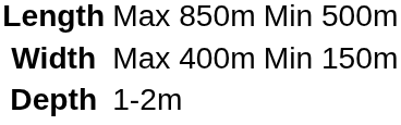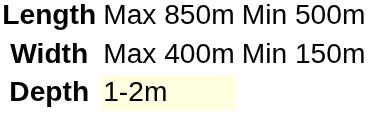 <table class="toccolours">
 <tr>
 <th>Length</th>
 <td>Max 850m</td>
 <td>Min 500m</td>
 </tr>
 <tr>
 <th>Width</th>
 <td>Max 400m</td>
 <td>Min 150m</td>
 </tr>
 <tr>
 <th>Depth</th>
-<td>1-2m</td>
+<td style="background: lightyellow;">1-2m</td>
 </tr>
 </table>
